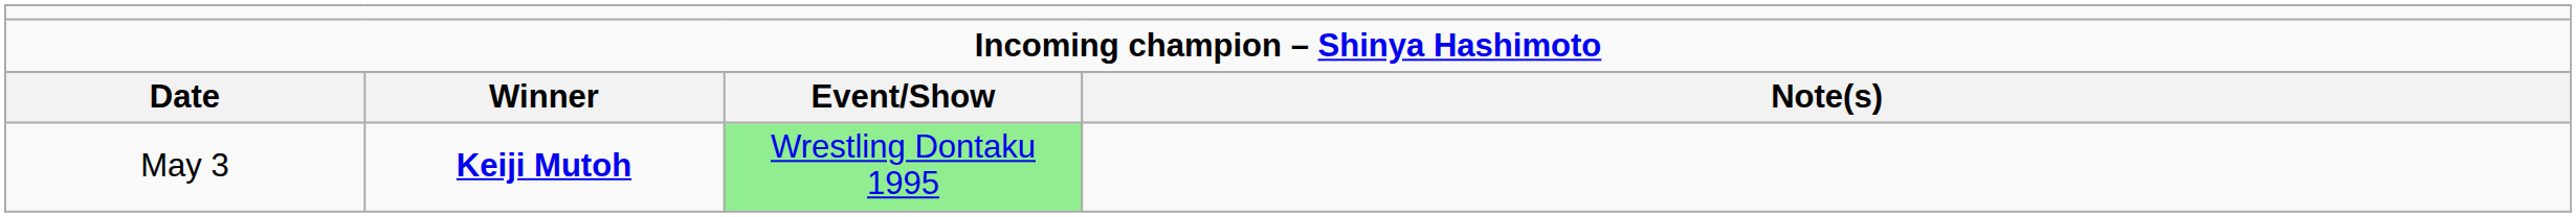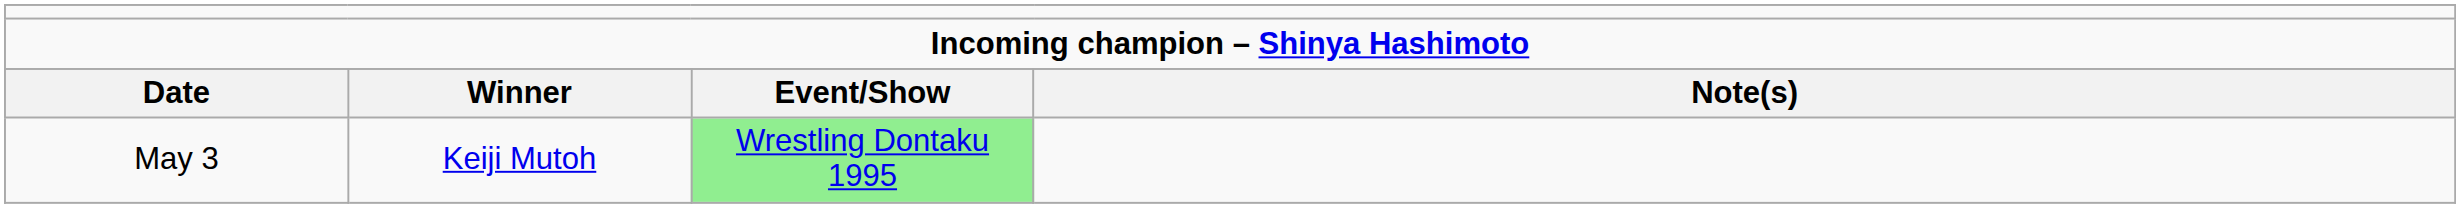 <table class="wikitable" style="text-align:center; width:100%;">
 <tr>
 <td colspan="5"></td>
 </tr>
 <tr>
 <td colspan="5"><strong>Incoming champion – <a href='#'>Shinya Hashimoto</a></strong></td>
 </tr>
 <tr>
 <th width=14%>Date</th>
 <th width=14%>Winner</th>
 <th width=14%>Event/Show</th>
 <th width=58%>Note(s)</th>
 </tr>
 <tr>
 <td>May 3</td>
-<td><strong><a href='#'>Keiji Mutoh</a></strong></td>
+<td><a href='#'>Keiji Mutoh</a></td>
 <td style="background: lightgreen;"><a href='#'>Wrestling Dontaku 1995</a></td>
 <td align="left"></td>
 </tr>
 </table>
